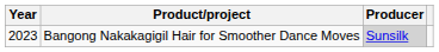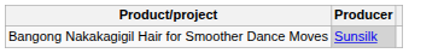 <table class="wikitable plainrowheaders" style="margin-right: 0;">
 <tr>
-<th>Year</th>
 <th>Product/project</th>
 <th>Producer</th>
 <th></th>
 </tr>
 <tr>
-<td>2023</td>
 <td>Bangong Nakakagigil Hair for Smoother Dance Moves</td>
 <td style="background: lightgrey;"><a href='#'>Sunsilk</a></td>
 <td style="text-align:left;"></td>
 </tr>
 </table>
